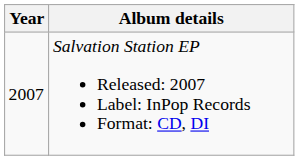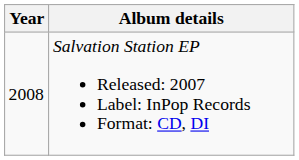 <table class="wikitable">
 <tr>
 <th rowspan="1" width="33">Year</th>
 <th rowspan="1" width="215">Album details</th>
 </tr>
 <tr>
-<td>2007</td>
+<td>2008</td>
 <td><em>Salvation Station EP</em><br><ul><li>Released: 2007</li><li>Label: InPop Records</li><li>Format: <a href='#'>CD</a>, <a href='#'>DI</a></li></ul></td>
 </tr>
 </table>
